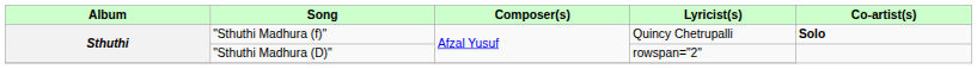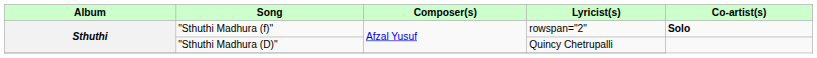 <table class="wikitable plainrowheaders" width="100%" textcolor:#000;">
 <tr style="background:#cfc; text-align:center;">
 <td scope="col" width="21%"><strong>Album</strong></td>
 <td scope="col" width=23%><strong>Song</strong></td>
 <td scope="col" width=20%><strong>Composer(s)</strong></td>
 <td scope="col" width=17%><strong>Lyricist(s)</strong></td>
 <td scope="col" width=18%><strong>Co-artist(s)</strong></td>
 </tr>
 <tr>
 <th "row" rowspan="2"><em>Sthuthi</em></th>
 <td>"Sthuthi Madhura (f)"</td>
 <td rowspan="2"><a href='#'>Afzal Yusuf</a></td>
-<td>Quincy Chetrupalli</td>
+<td>rowspan="2" </td>
 <td><strong>Solo</strong></td>
 </tr>
 <tr>
 <td>"Sthuthi Madhura (D)"</td>
-<td>rowspan="2" </td>
+<td>Quincy Chetrupalli</td>
 </tr>
 <tr>
 </tr>
 </table>
